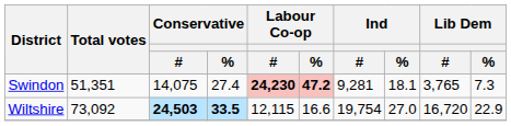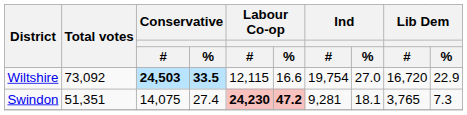 <table class="wikitable sortable">
 <tr>
 <th rowspan=3>District</th>
 <th rowspan=3>Total votes</th>
 <th colspan="2">Conservative</th>
 <th colspan="2">Labour<br>Co-op</th>
 <th colspan="2">Ind</th>
 <th colspan="2">Lib Dem</th>
 </tr>
 <tr>
 <th colspan="2" style="background:"></th>
 <th colspan="2" style="background:"></th>
 <th colspan="2" style="background:"></th>
 <th colspan="2" style="background:"></th>
 </tr>
 <tr>
 <th>#</th>
 <th>%</th>
 <th>#</th>
 <th>%</th>
 <th>#</th>
 <th>%</th>
 <th>#</th>
 <th>%</th>
 </tr>
 <tr>
+<td><a href='#'>Wiltshire</a></td>
+<td>73,092</td>
+<td style="background:#B9E4FF;"><strong>24,503</strong></td>
+<td style="background:#B9E4FF;"><strong>33.5</strong></td>
+<td>12,115</td>
+<td>16.6</td>
+<td>19,754</td>
+<td>27.0</td>
+<td>16,720</td>
+<td>22.9</td>
+</tr>
+<tr>
 <td><a href='#'>Swindon</a></td>
 <td>51,351</td>
 <td>14,075</td>
 <td>27.4</td>
 <td style="background:#F8C1BE;"><strong>24,230</strong></td>
 <td style="background:#F8C1BE;"><strong>47.2</strong></td>
 <td>9,281</td>
 <td>18.1</td>
 <td>3,765</td>
 <td>7.3</td>
 </tr>
 <tr>
-<td><a href='#'>Wiltshire</a></td>
-<td>73,092</td>
-<td style="background:#B9E4FF;"><strong>24,503</strong></td>
-<td style="background:#B9E4FF;"><strong>33.5</strong></td>
-<td>12,115</td>
-<td>16.6</td>
-<td>19,754</td>
-<td>27.0</td>
-<td>16,720</td>
-<td>22.9</td>
-</tr>
-<tr>
 </tr>
 </table>
